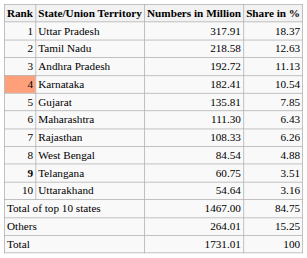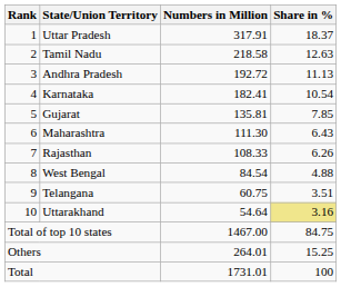 <table class="wikitable" style="text-align:right">
 <tr>
 <th>Rank</th>
 <th>State/Union Territory</th>
 <th>Numbers in Million</th>
 <th>Share in %</th>
 </tr>
 <tr>
 <td>1</td>
 <td style="text-align:left">Uttar Pradesh</td>
 <td>317.91</td>
 <td>18.37</td>
 </tr>
 <tr>
 <td>2</td>
 <td style="text-align:left">Tamil Nadu</td>
 <td>218.58</td>
 <td>12.63</td>
 </tr>
 <tr>
 <td>3</td>
 <td style="text-align:left">Andhra Pradesh</td>
 <td>192.72</td>
 <td>11.13</td>
 </tr>
 <tr>
-<td style="background: lightsalmon;">4</td>
+<td>4</td>
 <td style="text-align:left">Karnataka</td>
 <td>182.41</td>
 <td>10.54</td>
 </tr>
 <tr>
 <td>5</td>
 <td style="text-align:left">Gujarat</td>
 <td>135.81</td>
 <td>7.85</td>
 </tr>
 <tr>
 <td>6</td>
 <td style="text-align:left">Maharashtra</td>
 <td>111.30</td>
 <td>6.43</td>
 </tr>
 <tr>
 <td>7</td>
 <td style="text-align:left">Rajasthan</td>
 <td>108.33</td>
 <td>6.26</td>
 </tr>
 <tr>
 <td>8</td>
 <td style="text-align:left">West Bengal</td>
 <td>84.54</td>
 <td>4.88</td>
 </tr>
 <tr>
-<td><strong>9</strong></td>
+<td>9</td>
 <td style="text-align:left">Telangana</td>
 <td>60.75</td>
 <td>3.51</td>
 </tr>
 <tr>
 <td>10</td>
 <td style="text-align:left">Uttarakhand</td>
 <td>54.64</td>
-<td>3.16</td>
+<td style="background: khaki;">3.16</td>
 </tr>
 <tr>
 <td colspan="2" style="text-align:left;">Total of top 10 states</td>
 <td>1467.00</td>
 <td>84.75</td>
 </tr>
 <tr>
 <td colspan="2" style="text-align:left;">Others</td>
 <td>264.01</td>
 <td>15.25</td>
 </tr>
 <tr>
 <td colspan="2" style="text-align:left;">Total</td>
 <td>1731.01</td>
 <td>100</td>
 </tr>
 </table>
